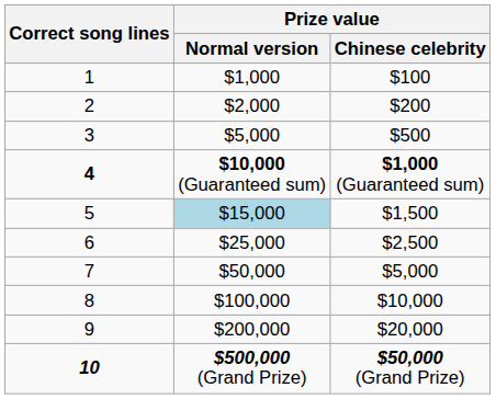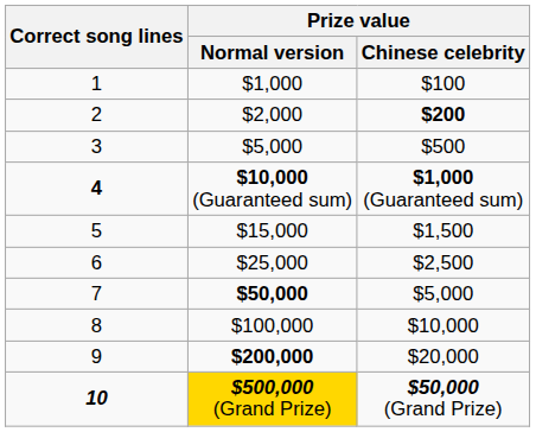 <table class="wikitable">
 <tr>
 <th rowspan="2">Correct song lines</th>
 <th colspan="2">Prize value</th>
 </tr>
 <tr>
 <th>Normal version</th>
 <th>Chinese celebrity</th>
 </tr>
 <tr>
 <td align=center>1</td>
 <td align=center>$1,000</td>
 <td align=center>$100</td>
 </tr>
 <tr>
 <td align=center>2</td>
 <td align=center>$2,000</td>
-<td align=center>$200</td>
+<td align=center><strong>$200</strong></td>
 </tr>
 <tr>
 <td align=center>3</td>
 <td align=center>$5,000</td>
 <td align=center>$500</td>
 </tr>
 <tr>
 <td align=center><strong>4</strong></td>
 <td align=center><strong>$10,000</strong><br>(Guaranteed sum)</td>
 <td align=center><strong>$1,000</strong><br>(Guaranteed sum)</td>
 </tr>
 <tr>
 <td align=center>5</td>
-<td align=center style="background: lightblue;">$15,000</td>
+<td align=center>$15,000</td>
 <td align=center>$1,500</td>
 </tr>
 <tr>
 <td align=center>6</td>
 <td align=center>$25,000</td>
 <td align=center>$2,500</td>
 </tr>
 <tr>
 <td align=center>7</td>
-<td align=center>$50,000</td>
+<td align=center><strong>$50,000</strong></td>
 <td align=center>$5,000</td>
 </tr>
 <tr>
 <td align=center>8</td>
 <td align=center>$100,000</td>
 <td align=center>$10,000</td>
 </tr>
 <tr>
 <td align=center>9</td>
-<td align=center>$200,000</td>
+<td align=center><strong>$200,000</strong></td>
 <td align=center>$20,000</td>
 </tr>
 <tr>
 <td align=center><strong><em>10</em></strong></td>
-<td align=center><strong><em>$500,000</em></strong><br>(Grand Prize)</td>
+<td align=center style="background: gold;"><strong><em>$500,000</em></strong><br>(Grand Prize)</td>
 <td align=center><strong><em>$50,000</em></strong><br>(Grand Prize)</td>
 </tr>
 </table>
